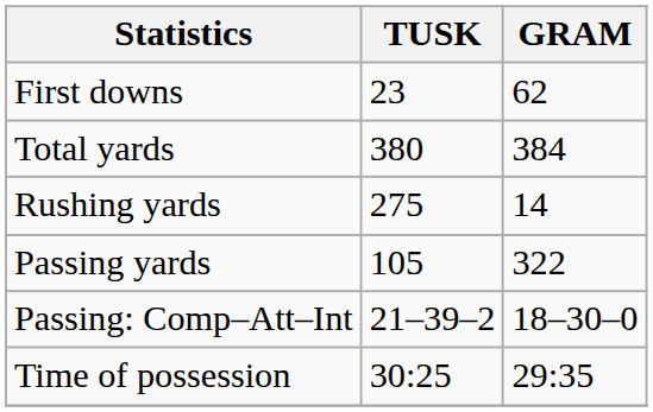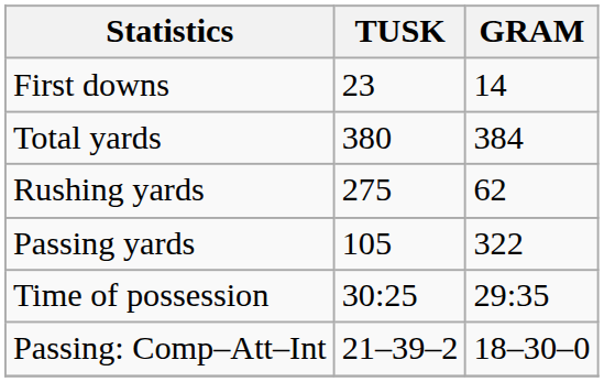 <table class="wikitable" style="float: left;">
 <tr>
 <th>Statistics</th>
 <th>TUSK</th>
 <th>GRAM</th>
 </tr>
 <tr>
 <td>First downs</td>
 <td>23</td>
-<td>62</td>
+<td>14</td>
 </tr>
 <tr>
 <td>Total yards</td>
 <td>380</td>
 <td>384</td>
 </tr>
 <tr>
 <td>Rushing yards</td>
 <td>275</td>
-<td>14</td>
+<td>62</td>
 </tr>
 <tr>
 <td>Passing yards</td>
 <td>105</td>
 <td>322</td>
 </tr>
 <tr>
+<td>Time of possession</td>
+<td>30:25</td>
+<td>29:35</td>
+</tr>
+<tr>
 <td>Passing: Comp–Att–Int</td>
 <td>21–39–2</td>
 <td>18–30–0</td>
 </tr>
 <tr>
-<td>Time of possession</td>
-<td>30:25</td>
-<td>29:35</td>
-</tr>
-<tr>
 </tr>
 </table>
